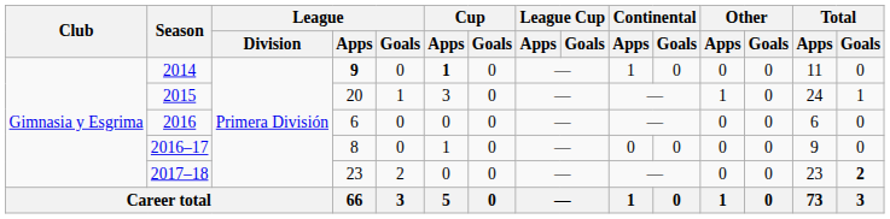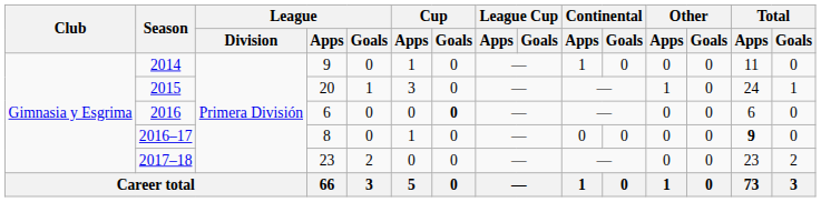 <table class="wikitable" style="text-align:center">
 <tr>
 <th rowspan="2">Club</th>
 <th rowspan="2">Season</th>
 <th colspan="3">League</th>
 <th colspan="2">Cup</th>
 <th colspan="2">League Cup</th>
 <th colspan="2">Continental</th>
 <th colspan="2">Other</th>
 <th colspan="2">Total</th>
 </tr>
 <tr>
 <th>Division</th>
 <th>Apps</th>
 <th>Goals</th>
 <th>Apps</th>
 <th>Goals</th>
 <th>Apps</th>
 <th>Goals</th>
 <th>Apps</th>
 <th>Goals</th>
 <th>Apps</th>
 <th>Goals</th>
 <th>Apps</th>
 <th>Goals</th>
 </tr>
 <tr>
 <td rowspan="5"><a href='#'>Gimnasia y Esgrima</a></td>
 <td><a href='#'>2014</a></td>
 <td rowspan="5"><a href='#'>Primera División</a></td>
-<td><strong>9</strong></td>
+<td>9</td>
 <td>0</td>
-<td><strong>1</strong></td>
+<td>1</td>
 <td>0</td>
 <td colspan="2">—</td>
 <td>1</td>
 <td>0</td>
 <td>0</td>
 <td>0</td>
 <td>11</td>
 <td>0</td>
 </tr>
 <tr>
 <td><a href='#'>2015</a></td>
 <td>20</td>
 <td>1</td>
 <td>3</td>
 <td>0</td>
 <td colspan="2">—</td>
 <td colspan="2">—</td>
 <td>1</td>
 <td>0</td>
 <td>24</td>
 <td>1</td>
 </tr>
 <tr>
 <td><a href='#'>2016</a></td>
 <td>6</td>
 <td>0</td>
 <td>0</td>
-<td>0</td>
+<td><strong>0</strong></td>
 <td colspan="2">—</td>
 <td colspan="2">—</td>
 <td>0</td>
 <td>0</td>
 <td>6</td>
 <td>0</td>
 </tr>
 <tr>
 <td><a href='#'>2016–17</a></td>
 <td>8</td>
 <td>0</td>
 <td>1</td>
 <td>0</td>
 <td colspan="2">—</td>
 <td>0</td>
 <td>0</td>
 <td>0</td>
 <td>0</td>
-<td>9</td>
+<td><strong>9</strong></td>
 <td>0</td>
 </tr>
 <tr>
 <td><a href='#'>2017–18</a></td>
 <td>23</td>
 <td>2</td>
 <td>0</td>
 <td>0</td>
 <td colspan="2">—</td>
 <td colspan="2">—</td>
 <td>0</td>
 <td>0</td>
 <td>23</td>
-<td><strong>2</strong></td>
+<td>2</td>
 </tr>
 <tr>
 <th colspan="3">Career total</th>
 <th>66</th>
 <th>3</th>
 <th>5</th>
 <th>0</th>
 <th colspan="2">—</th>
 <th>1</th>
 <th>0</th>
 <th>1</th>
 <th>0</th>
 <th>73</th>
 <th>3</th>
 </tr>
 </table>
